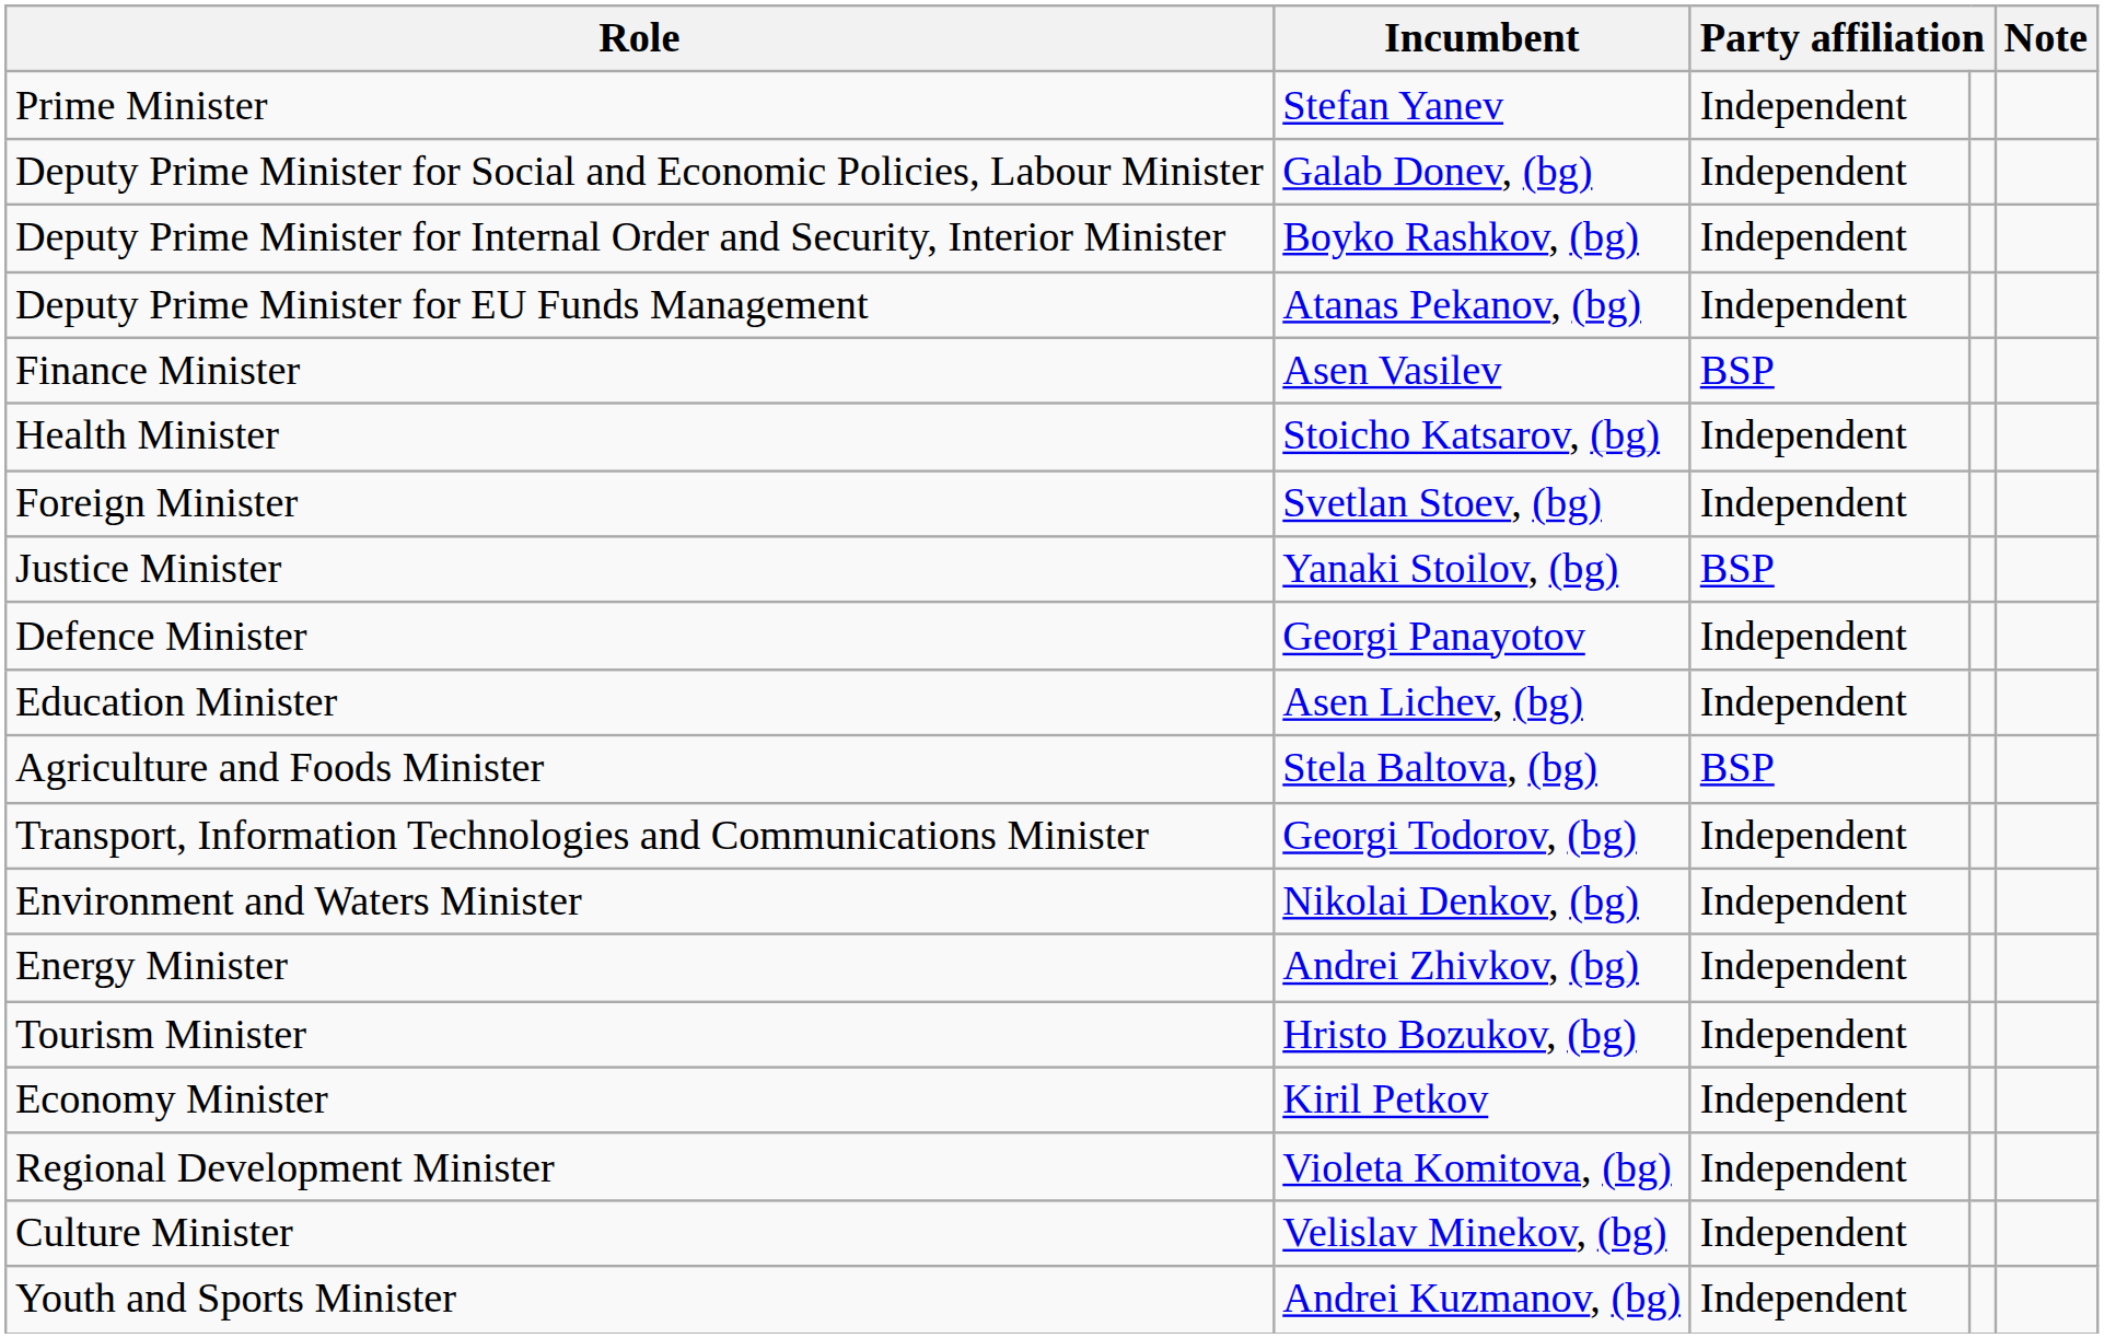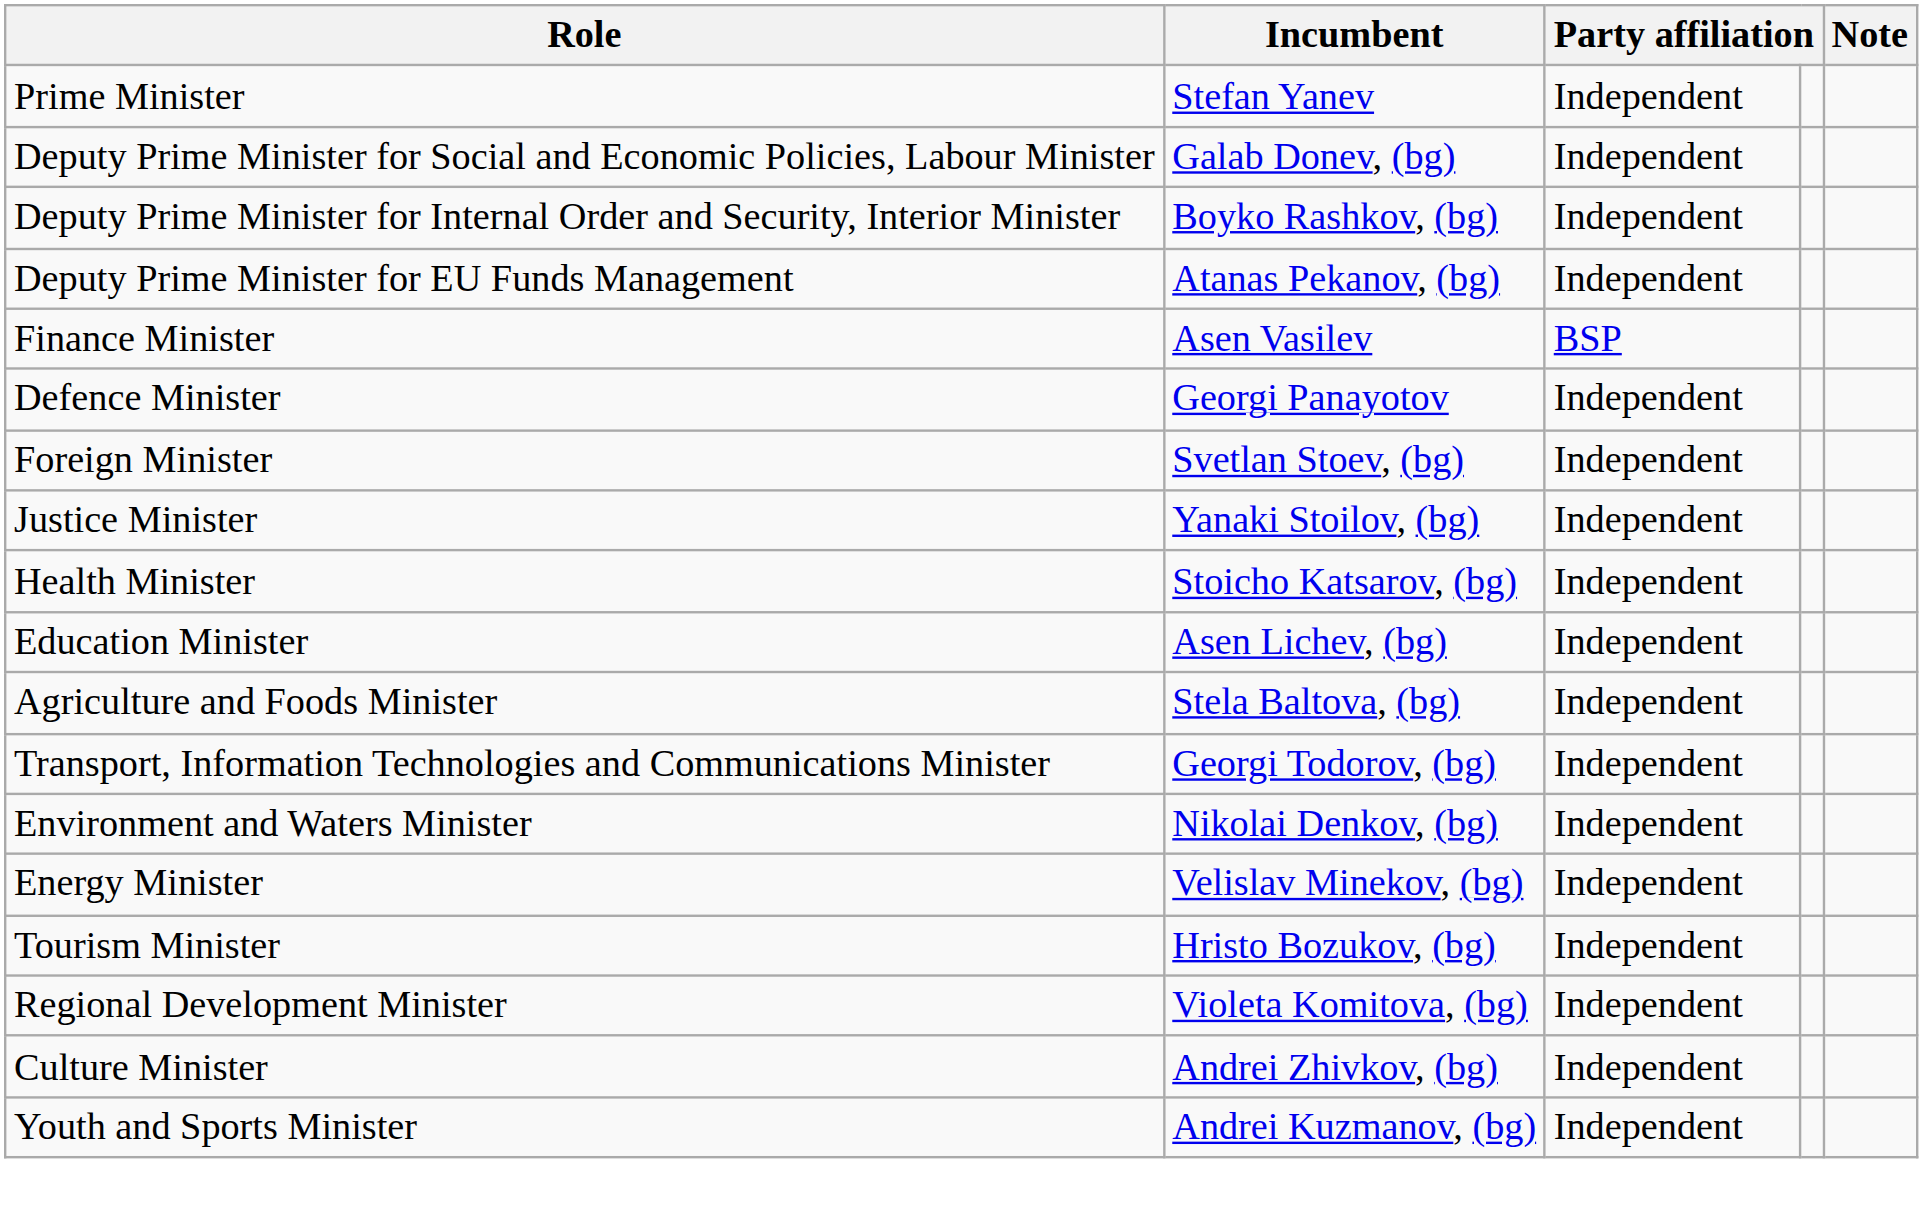 <table class="wikitable">
 <tr>
 <th>Role</th>
 <th>Incumbent</th>
 <th colspan=2>Party affiliation</th>
 <th>Note</th>
 </tr>
 <tr>
 <td>Prime Minister</td>
 <td><a href='#'>Stefan Yanev</a></td>
 <td>Independent</td>
 <td></td>
 <td></td>
 </tr>
 <tr>
 <td>Deputy Prime Minister for Social and Economic Policies, Labour Minister</td>
 <td><a href='#'>Galab Donev</a>, <a href='#'>(bg)</a></td>
 <td>Independent</td>
 <td></td>
 <td></td>
 </tr>
 <tr>
 <td>Deputy Prime Minister for Internal Order and Security, Interior Minister</td>
 <td><a href='#'>Boyko Rashkov</a>, <a href='#'>(bg)</a></td>
 <td>Independent</td>
 <td></td>
 <td></td>
 </tr>
 <tr>
 <td>Deputy Prime Minister for EU Funds Management</td>
 <td><a href='#'>Atanas Pekanov</a>, <a href='#'>(bg)</a></td>
 <td>Independent</td>
 <td></td>
 </tr>
 <tr>
 <td>Finance Minister</td>
 <td><a href='#'>Asen Vasilev</a></td>
 <td><a href='#'>BSP</a></td>
 <td></td>
 <td></td>
 </tr>
 <tr>
-<td>Health Minister</td>
-<td><a href='#'>Stoicho Katsarov</a>, <a href='#'>(bg)</a></td>
+<td>Defence Minister</td>
+<td><a href='#'>Georgi Panayotov</a></td>
 <td>Independent</td>
 <td></td>
 <td></td>
 </tr>
 <tr>
 <td>Foreign Minister</td>
 <td><a href='#'>Svetlan Stoev</a>, <a href='#'>(bg)</a></td>
 <td>Independent</td>
 <td></td>
 <td></td>
 </tr>
 <tr>
 <td>Justice Minister</td>
 <td><a href='#'>Yanaki Stoilov</a>, <a href='#'>(bg)</a></td>
-<td><a href='#'>BSP</a></td>
+<td>Independent</td>
 <td></td>
 <td></td>
 </tr>
 <tr>
-<td>Defence Minister</td>
-<td><a href='#'>Georgi Panayotov</a></td>
+<td>Health Minister</td>
+<td><a href='#'>Stoicho Katsarov</a>, <a href='#'>(bg)</a></td>
 <td>Independent</td>
 <td></td>
 <td></td>
 </tr>
 <tr>
 <td>Education Minister</td>
 <td><a href='#'>Asen Lichev</a>, <a href='#'>(bg)</a></td>
 <td>Independent</td>
 <td></td>
 <td></td>
 </tr>
 <tr>
 <td>Agriculture and Foods Minister</td>
 <td><a href='#'>Stela Baltova</a>, <a href='#'>(bg)</a></td>
-<td><a href='#'>BSP</a></td>
+<td>Independent</td>
 <td></td>
 <td></td>
 </tr>
 <tr>
 <td>Transport, Information Technologies and Communications Minister</td>
 <td><a href='#'>Georgi Todorov</a>, <a href='#'>(bg)</a></td>
 <td>Independent</td>
 <td></td>
 <td></td>
 </tr>
 <tr>
 <td>Environment and Waters Minister</td>
 <td><a href='#'>Nikolai Denkov</a>, <a href='#'>(bg)</a></td>
 <td>Independent</td>
 <td></td>
 <td></td>
 </tr>
 <tr>
 <td>Energy Minister</td>
-<td><a href='#'>Andrei Zhivkov</a>, <a href='#'>(bg)</a></td>
+<td><a href='#'>Velislav Minekov</a>, <a href='#'>(bg)</a></td>
 <td>Independent</td>
 <td></td>
 <td></td>
 </tr>
 <tr>
 <td>Tourism Minister</td>
 <td><a href='#'>Hristo Bozukov</a>, <a href='#'>(bg)</a></td>
-<td>Independent</td>
-<td></td>
-<td></td>
-</tr>
-<tr>
-<td>Economy Minister</td>
-<td><a href='#'>Kiril Petkov</a></td>
 <td>Independent</td>
 <td></td>
 <td></td>
 </tr>
 <tr>
 <td>Regional Development Minister</td>
 <td><a href='#'>Violeta Komitova</a>, <a href='#'>(bg)</a></td>
 <td>Independent</td>
 <td></td>
 <td></td>
 </tr>
 <tr>
 <td>Culture Minister</td>
-<td><a href='#'>Velislav Minekov</a>, <a href='#'>(bg)</a></td>
+<td><a href='#'>Andrei Zhivkov</a>, <a href='#'>(bg)</a></td>
 <td>Independent</td>
 <td></td>
 <td></td>
 </tr>
 <tr>
 <td>Youth and Sports Minister</td>
 <td><a href='#'>Andrei Kuzmanov</a>, <a href='#'>(bg)</a></td>
 <td>Independent</td>
 <td></td>
 <td></td>
 </tr>
 </table>
